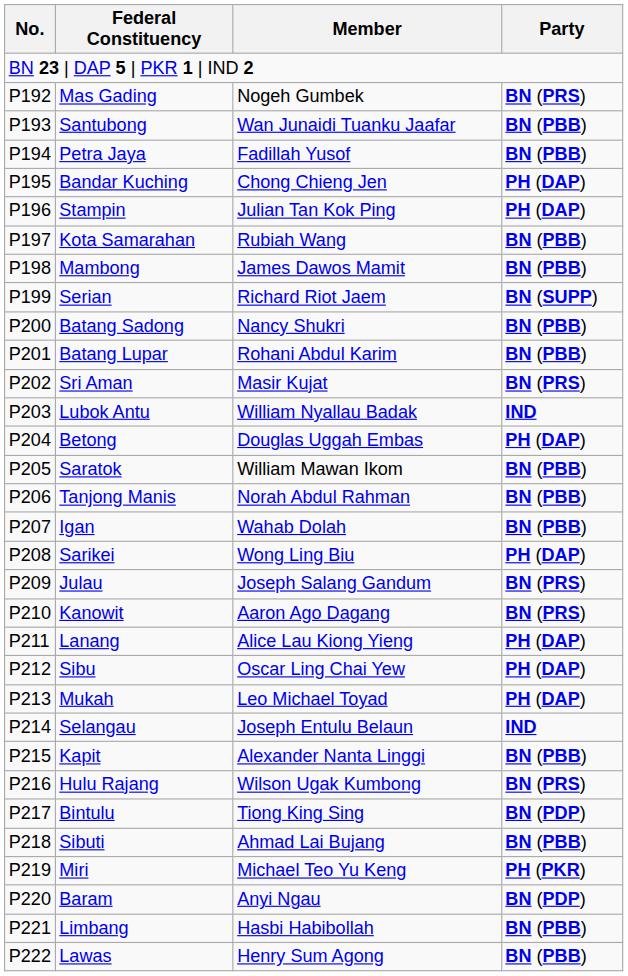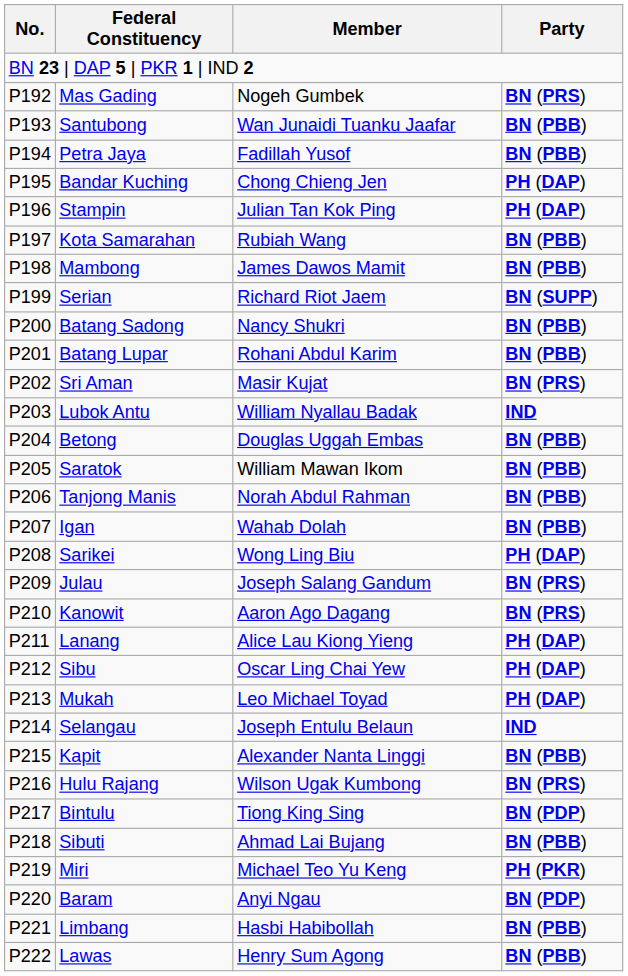 <table class ="wikitable sortable">
 <tr>
 <th style="width:30px;">No.</th>
 <th style="width:150px;">Federal Constituency</th>
 <th style="width:230px;">Member</th>
 <th style="width:100px;">Party</th>
 </tr>
 <tr>
 <td colspan="4"><a href='#'>BN</a> <strong>23</strong> | <a href='#'>DAP</a> <strong>5</strong> | <a href='#'>PKR</a> <strong>1</strong> | IND <strong>2</strong></td>
 </tr>
 <tr>
 <td>P192</td>
 <td><a href='#'>Mas Gading</a></td>
 <td>Nogeh Gumbek</td>
 <td><strong><a href='#'>BN</a></strong> (<strong><a href='#'>PRS</a></strong>)</td>
 </tr>
 <tr>
 <td>P193</td>
 <td><a href='#'>Santubong</a></td>
 <td><a href='#'>Wan Junaidi Tuanku Jaafar</a></td>
 <td><strong><a href='#'>BN</a></strong> (<strong><a href='#'>PBB</a></strong>)</td>
 </tr>
 <tr>
 <td>P194</td>
 <td><a href='#'>Petra Jaya</a></td>
 <td><a href='#'>Fadillah Yusof</a></td>
 <td><strong><a href='#'>BN</a></strong> (<strong><a href='#'>PBB</a></strong>)</td>
 </tr>
 <tr>
 <td>P195</td>
 <td><a href='#'>Bandar Kuching</a></td>
 <td><a href='#'>Chong Chieng Jen</a></td>
 <td><strong><a href='#'>PH</a></strong> (<strong><a href='#'>DAP</a></strong>)</td>
 </tr>
 <tr>
 <td>P196</td>
 <td><a href='#'>Stampin</a></td>
 <td><a href='#'>Julian Tan Kok Ping</a></td>
 <td><strong><a href='#'>PH</a></strong> (<strong><a href='#'>DAP</a></strong>)</td>
 </tr>
 <tr>
 <td>P197</td>
 <td><a href='#'>Kota Samarahan</a></td>
 <td><a href='#'>Rubiah Wang</a></td>
 <td><strong><a href='#'>BN</a></strong> (<strong><a href='#'>PBB</a></strong>)</td>
 </tr>
 <tr>
 <td>P198</td>
 <td><a href='#'>Mambong</a></td>
 <td><a href='#'>James Dawos Mamit</a></td>
 <td><strong><a href='#'>BN</a></strong> (<strong><a href='#'>PBB</a></strong>)</td>
 </tr>
 <tr>
 <td>P199</td>
 <td><a href='#'>Serian</a></td>
 <td><a href='#'>Richard Riot Jaem</a></td>
 <td><strong><a href='#'>BN</a></strong> (<strong><a href='#'>SUPP</a></strong>)</td>
 </tr>
 <tr>
 <td>P200</td>
 <td><a href='#'>Batang Sadong</a></td>
 <td><a href='#'>Nancy Shukri</a></td>
 <td><strong><a href='#'>BN</a></strong> (<strong><a href='#'>PBB</a></strong>)</td>
 </tr>
 <tr>
 <td>P201</td>
 <td><a href='#'>Batang Lupar</a></td>
 <td><a href='#'>Rohani Abdul Karim</a></td>
 <td><strong><a href='#'>BN</a></strong> (<strong><a href='#'>PBB</a></strong>)</td>
 </tr>
 <tr>
 <td>P202</td>
 <td><a href='#'>Sri Aman</a></td>
 <td><a href='#'>Masir Kujat</a></td>
 <td><strong><a href='#'>BN</a></strong> (<strong><a href='#'>PRS</a></strong>)</td>
 </tr>
 <tr>
 <td>P203</td>
 <td><a href='#'>Lubok Antu</a></td>
 <td><a href='#'>William Nyallau Badak</a></td>
 <td><strong><a href='#'>IND</a></strong></td>
 </tr>
 <tr>
 <td>P204</td>
 <td><a href='#'>Betong</a></td>
 <td><a href='#'>Douglas Uggah Embas</a></td>
-<td><strong><a href='#'>PH</a></strong> (<strong><a href='#'>DAP</a></strong>)</td>
+<td><strong><a href='#'>BN</a></strong> (<strong><a href='#'>PBB</a></strong>)</td>
 </tr>
 <tr>
 <td>P205</td>
 <td><a href='#'>Saratok</a></td>
 <td>William Mawan Ikom</td>
 <td><strong><a href='#'>BN</a></strong> (<strong><a href='#'>PBB</a></strong>)</td>
 </tr>
 <tr>
 <td>P206</td>
 <td><a href='#'>Tanjong Manis</a></td>
 <td><a href='#'>Norah Abdul Rahman</a></td>
 <td><strong><a href='#'>BN</a></strong> (<strong><a href='#'>PBB</a></strong>)</td>
 </tr>
 <tr>
 <td>P207</td>
 <td><a href='#'>Igan</a></td>
 <td><a href='#'>Wahab Dolah</a></td>
 <td><strong><a href='#'>BN</a></strong> (<strong><a href='#'>PBB</a></strong>)</td>
 </tr>
 <tr>
 <td>P208</td>
 <td><a href='#'>Sarikei</a></td>
 <td><a href='#'>Wong Ling Biu</a></td>
 <td><strong><a href='#'>PH</a></strong> (<strong><a href='#'>DAP</a></strong>)</td>
 </tr>
 <tr>
 <td>P209</td>
 <td><a href='#'>Julau</a></td>
 <td><a href='#'>Joseph Salang Gandum</a></td>
 <td><strong><a href='#'>BN</a></strong> (<strong><a href='#'>PRS</a></strong>)</td>
 </tr>
 <tr>
 <td>P210</td>
 <td><a href='#'>Kanowit</a></td>
 <td><a href='#'>Aaron Ago Dagang</a></td>
 <td><strong><a href='#'>BN</a></strong> (<strong><a href='#'>PRS</a></strong>)</td>
 </tr>
 <tr>
 <td>P211</td>
 <td><a href='#'>Lanang</a></td>
 <td><a href='#'>Alice Lau Kiong Yieng</a></td>
 <td><strong><a href='#'>PH</a></strong> (<strong><a href='#'>DAP</a></strong>)</td>
 </tr>
 <tr>
 <td>P212</td>
 <td><a href='#'>Sibu</a></td>
 <td><a href='#'>Oscar Ling Chai Yew</a></td>
 <td><strong><a href='#'>PH</a></strong> (<strong><a href='#'>DAP</a></strong>)</td>
 </tr>
 <tr>
 <td>P213</td>
 <td><a href='#'>Mukah</a></td>
 <td><a href='#'>Leo Michael Toyad</a></td>
 <td><strong><a href='#'>PH</a></strong> (<strong><a href='#'>DAP</a></strong>)</td>
 </tr>
 <tr>
 <td>P214</td>
 <td><a href='#'>Selangau</a></td>
 <td><a href='#'>Joseph Entulu Belaun</a></td>
 <td><strong><a href='#'>IND</a></strong></td>
 </tr>
 <tr>
 <td>P215</td>
 <td><a href='#'>Kapit</a></td>
 <td><a href='#'>Alexander Nanta Linggi</a></td>
 <td><strong><a href='#'>BN</a></strong> (<strong><a href='#'>PBB</a></strong>)</td>
 </tr>
 <tr>
 <td>P216</td>
 <td><a href='#'>Hulu Rajang</a></td>
 <td><a href='#'>Wilson Ugak Kumbong</a></td>
 <td><strong><a href='#'>BN</a></strong> (<strong><a href='#'>PRS</a></strong>)</td>
 </tr>
 <tr>
 <td>P217</td>
 <td><a href='#'>Bintulu</a></td>
 <td><a href='#'>Tiong King Sing</a></td>
 <td><strong><a href='#'>BN</a></strong> (<strong><a href='#'>PDP</a></strong>)</td>
 </tr>
 <tr>
 <td>P218</td>
 <td><a href='#'>Sibuti</a></td>
 <td><a href='#'>Ahmad Lai Bujang</a></td>
 <td><strong><a href='#'>BN</a></strong> (<strong><a href='#'>PBB</a></strong>)</td>
 </tr>
 <tr>
 <td>P219</td>
 <td><a href='#'>Miri</a></td>
 <td><a href='#'>Michael Teo Yu Keng</a></td>
 <td><strong><a href='#'>PH</a></strong> (<strong><a href='#'>PKR</a></strong>)</td>
 </tr>
 <tr>
 <td>P220</td>
 <td><a href='#'>Baram</a></td>
 <td><a href='#'>Anyi Ngau</a></td>
 <td><strong><a href='#'>BN</a></strong> (<strong><a href='#'>PDP</a></strong>)</td>
 </tr>
 <tr>
 <td>P221</td>
 <td><a href='#'>Limbang</a></td>
 <td><a href='#'>Hasbi Habibollah</a></td>
 <td><strong><a href='#'>BN</a></strong> (<strong><a href='#'>PBB</a></strong>)</td>
 </tr>
 <tr>
 <td>P222</td>
 <td><a href='#'>Lawas</a></td>
 <td><a href='#'>Henry Sum Agong</a></td>
 <td><strong><a href='#'>BN</a></strong> (<strong><a href='#'>PBB</a></strong>)</td>
 </tr>
 </table>
